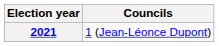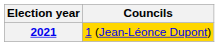 <table class="wikitable">
 <tr>
 <th>Election year</th>
 <th>Councils</th>
 </tr>
 <tr>
 <th><a href='#'>2021</a></th>
-<td><a href='#'>1</a> (<a href='#'>Jean-Léonce Dupont</a>)</td>
+<td style="background: gold;"><a href='#'>1</a> (<a href='#'>Jean-Léonce Dupont</a>)</td>
 </tr>
 </table>
